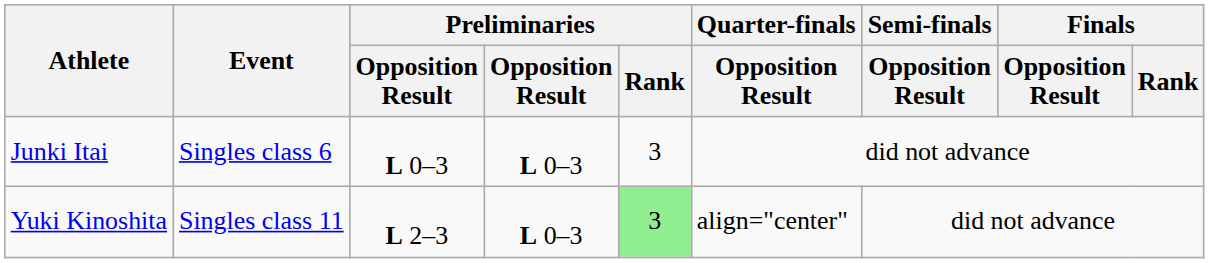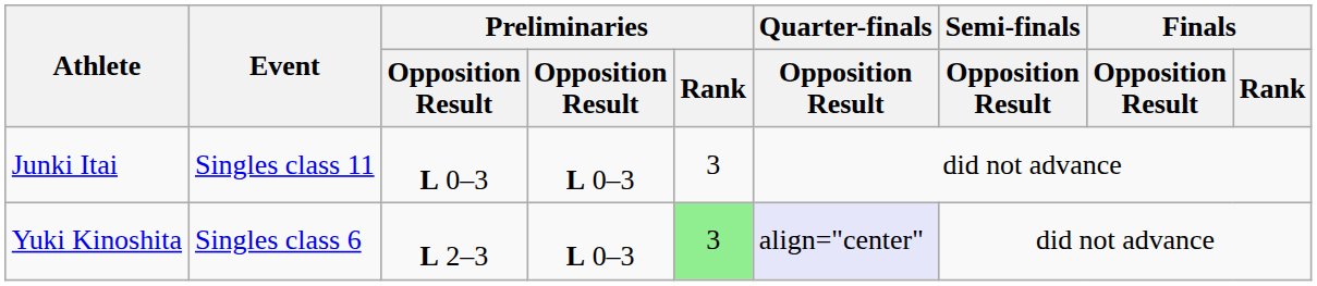 <table class=wikitable>
 <tr>
 <th rowspan="2">Athlete</th>
 <th rowspan="2">Event</th>
 <th colspan="3">Preliminaries</th>
 <th>Quarter-finals</th>
 <th>Semi-finals</th>
 <th colspan="2">Finals</th>
 </tr>
 <tr>
 <th>Opposition<br>Result</th>
 <th>Opposition<br>Result</th>
 <th>Rank</th>
 <th>Opposition<br>Result</th>
 <th>Opposition<br>Result</th>
 <th>Opposition<br>Result</th>
 <th>Rank</th>
 </tr>
 <tr>
 <td><a href='#'>Junki Itai</a></td>
-<td><a href='#'>Singles class 6</a></td>
+<td><a href='#'>Singles class 11</a></td>
 <td align="center"><br><strong>L</strong> 0–3</td>
 <td align="center"><br><strong>L</strong> 0–3</td>
 <td align="center">3</td>
 <td align="center" colspan=4>did not advance</td>
 </tr>
 <tr>
 <td><a href='#'>Yuki Kinoshita</a></td>
-<td><a href='#'>Singles class 11</a></td>
+<td><a href='#'>Singles class 6</a></td>
 <td align="center"><br><strong>L</strong> 2–3</td>
 <td align="center"><br><strong>L</strong> 0–3</td>
 <td align="center" style="background: lightgreen;">3</td>
-<td>align="center" </td>
+<td style="background: lavender;">align="center" </td>
 <td align="center" colspan="3">did not advance</td>
 </tr>
 </table>
